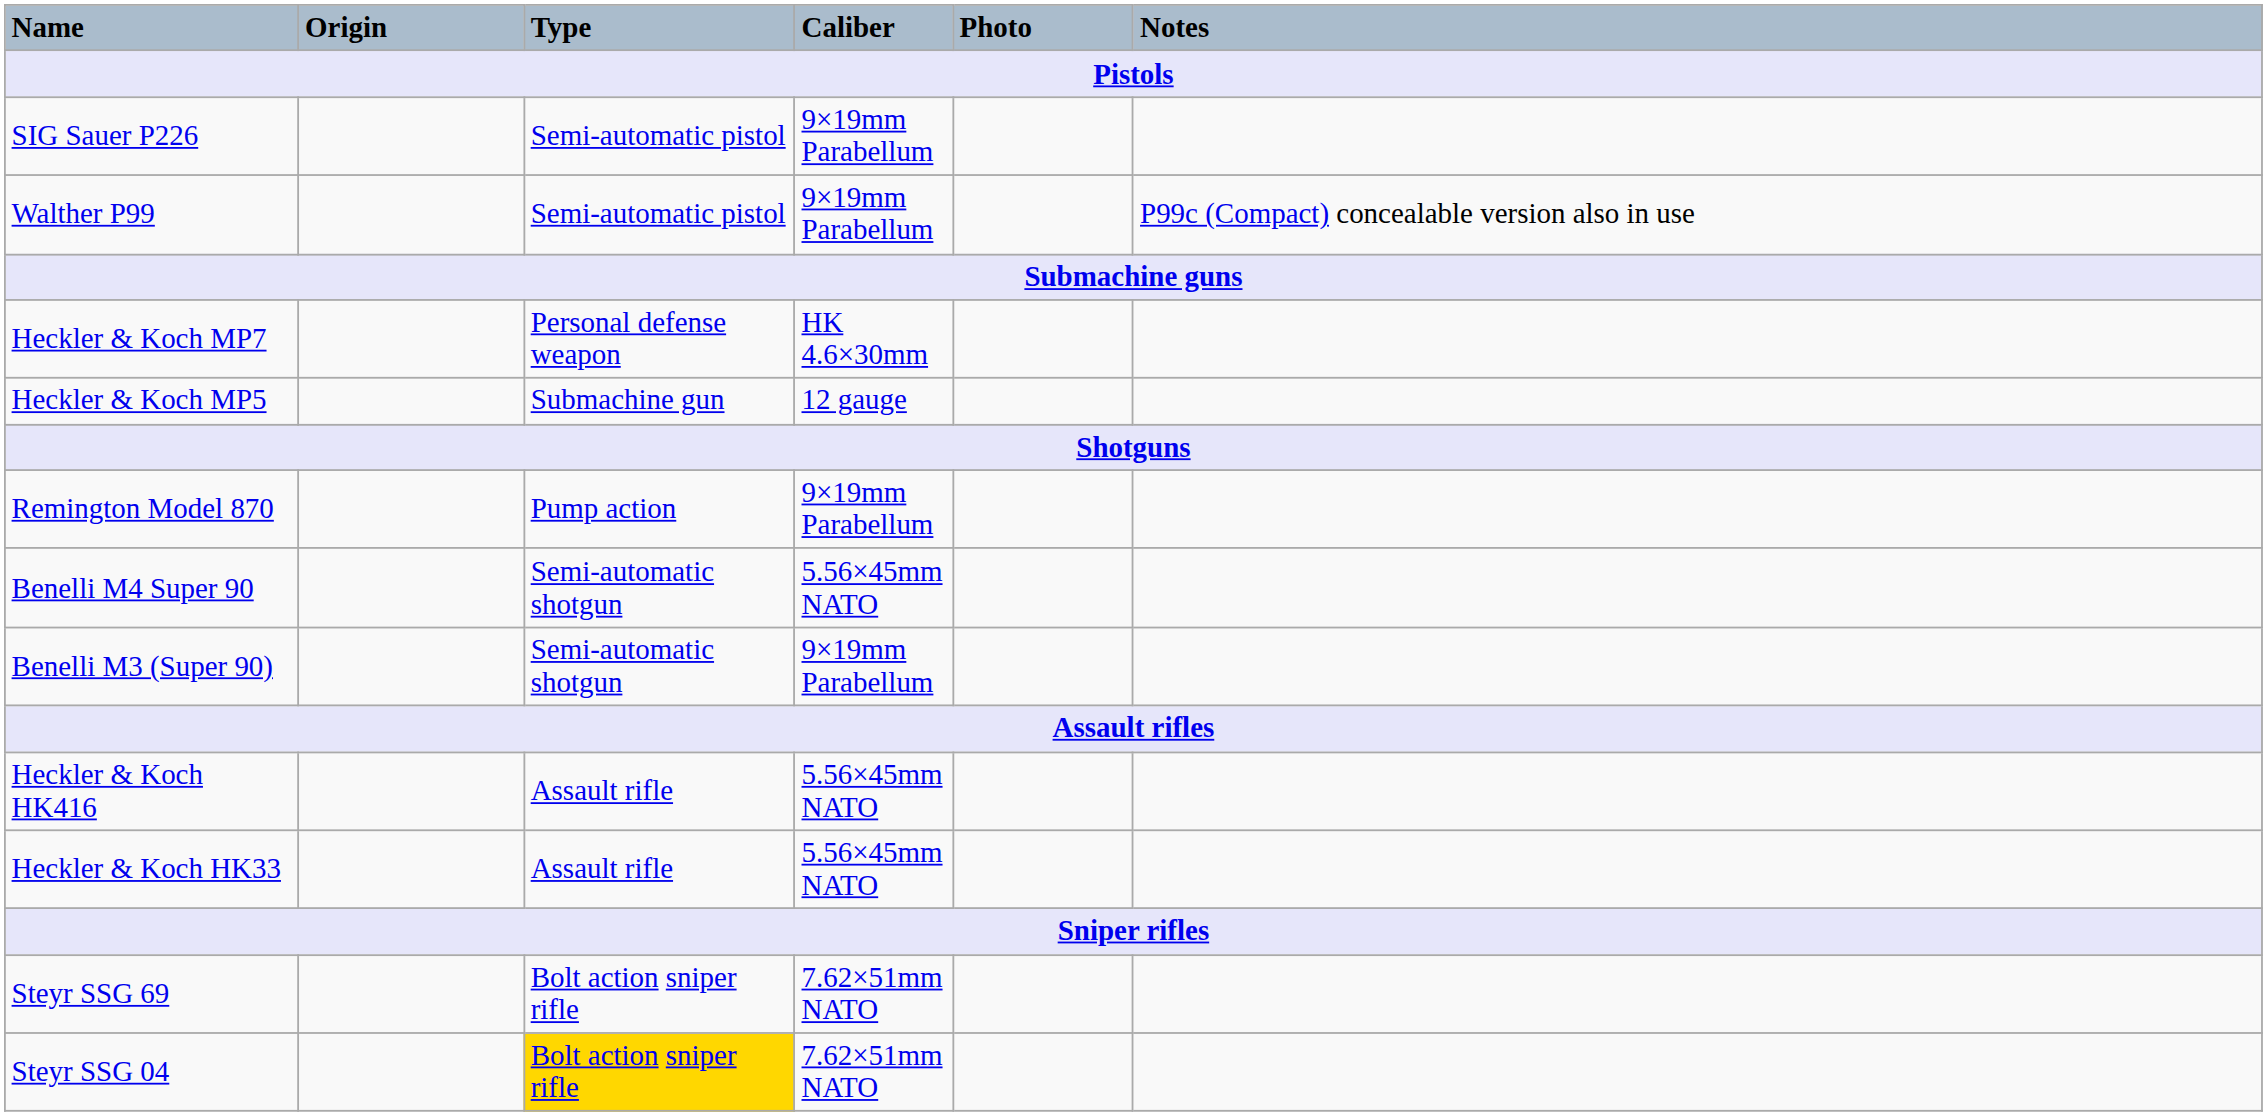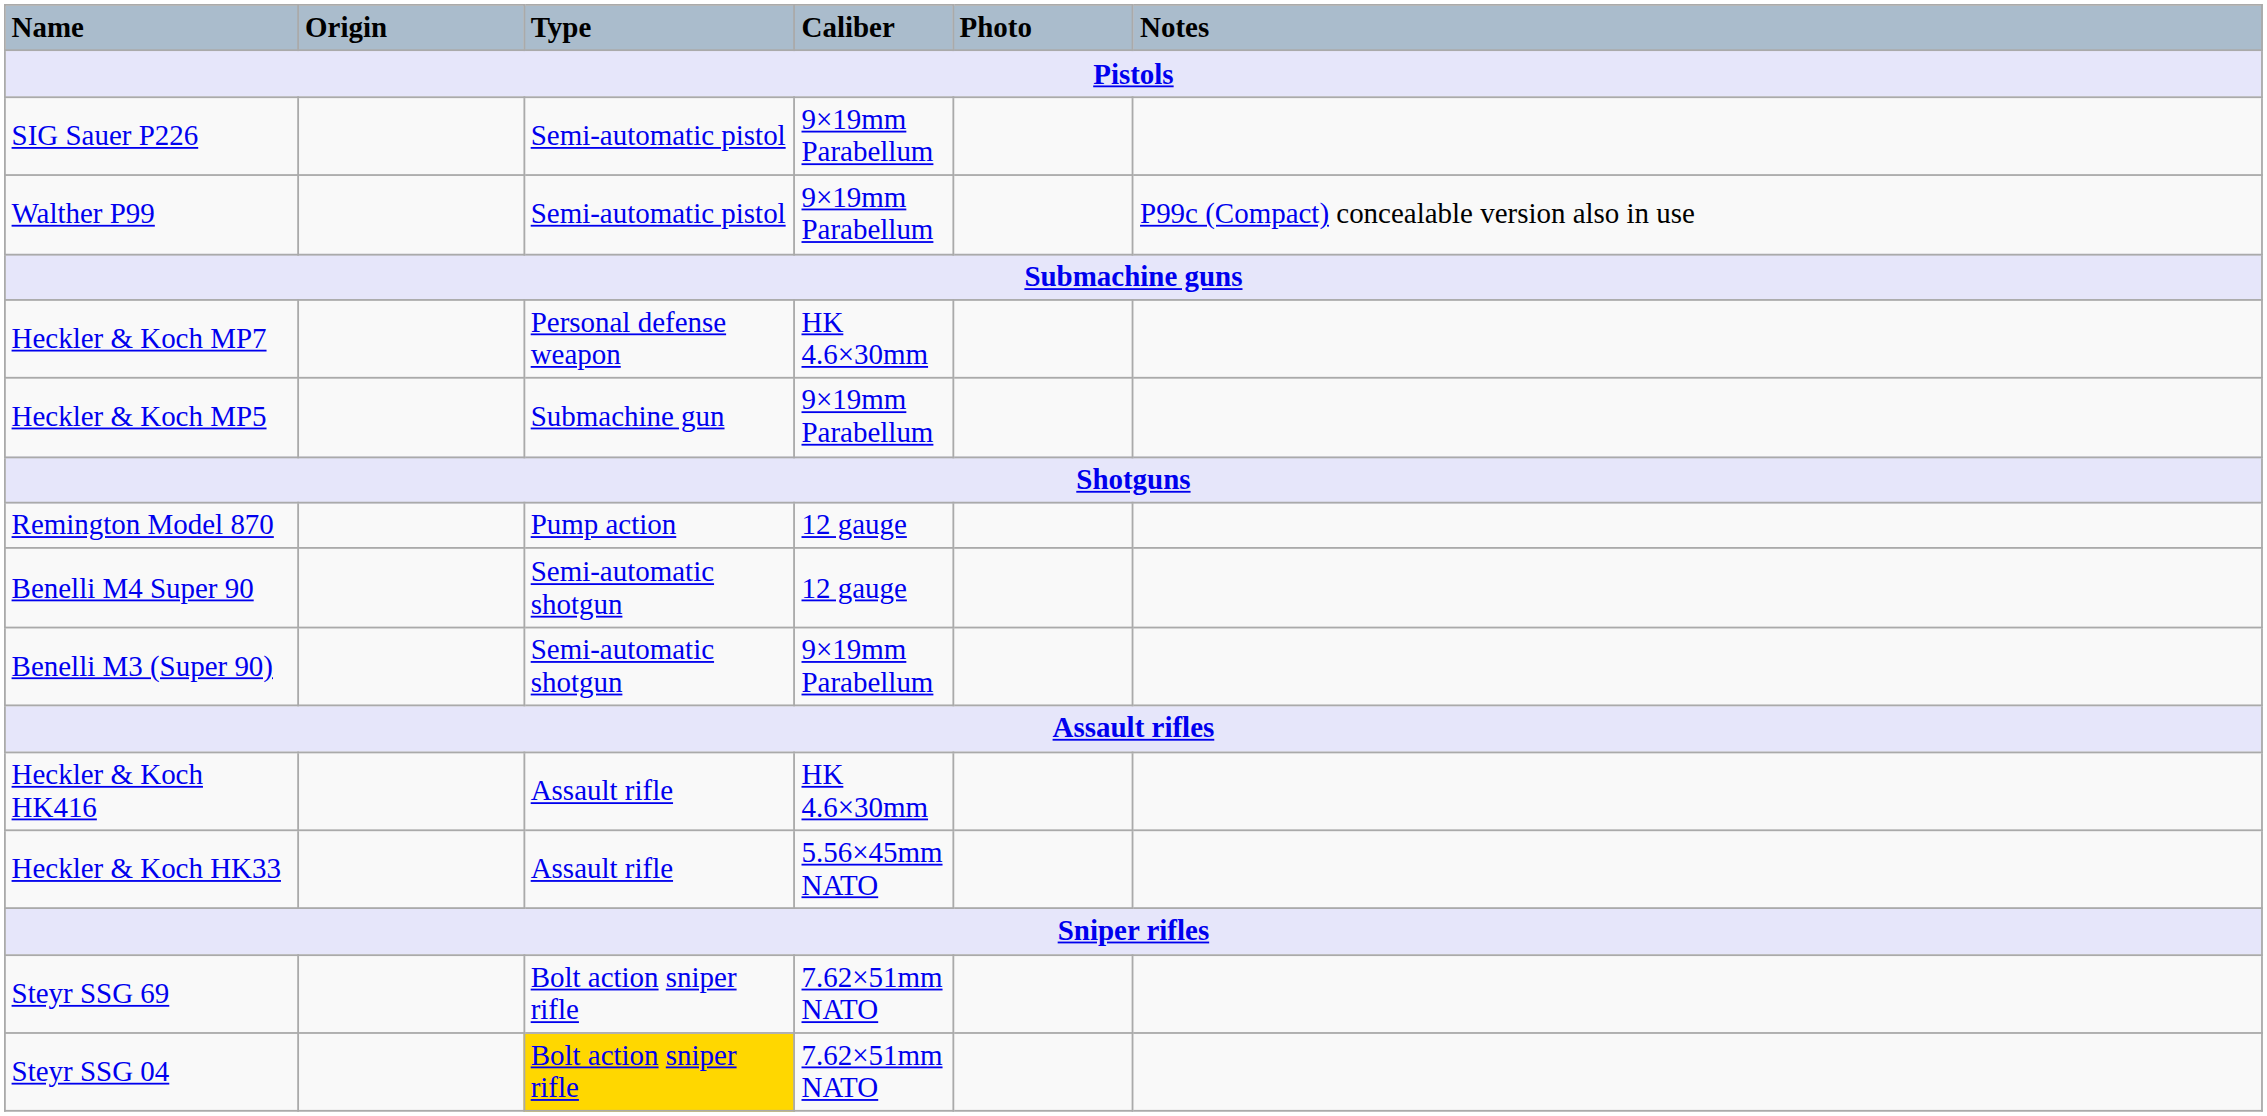 <table class="wikitable">
 <tr>
 <th style="text-align: left; background: #aabccc; width:13%;">Name</th>
 <th style="text-align: left; background: #aabccc; width:10%;">Origin</th>
 <th style="text-align: left; background: #aabccc; width:12%;">Type</th>
 <th style="text-align: left; background: #aabccc; width:7%;">Caliber</th>
 <th style="text-align: left; background: #aabccc;width:8%; ">Photo</th>
 <th style="text-align: left; background: #aabccc;width:50%;">Notes</th>
 </tr>
 <tr>
 <th style="align: center; background: lavender;" colspan="7"><strong><a href='#'>Pistols</a></strong></th>
 </tr>
 <tr>
 <td><a href='#'>SIG Sauer P226</a></td>
 <td><br></td>
 <td><a href='#'>Semi-automatic pistol</a></td>
 <td><a href='#'>9×19mm Parabellum</a></td>
 <td></td>
 <td></td>
 </tr>
 <tr>
 <td><a href='#'>Walther P99</a></td>
 <td></td>
 <td><a href='#'>Semi-automatic pistol</a></td>
 <td><a href='#'>9×19mm Parabellum</a></td>
 <td></td>
 <td><a href='#'>P99c (Compact)</a> concealable version also in use</td>
 </tr>
 <tr>
 <th style="align: center; background: lavender;" colspan="7"><strong><a href='#'>Submachine guns</a></strong></th>
 </tr>
 <tr>
 <td><a href='#'>Heckler & Koch MP7</a></td>
 <td></td>
 <td><a href='#'>Personal defense weapon</a></td>
 <td><a href='#'>HK 4.6×30mm</a></td>
 <td></td>
 <td></td>
 </tr>
 <tr>
 <td><a href='#'>Heckler & Koch MP5</a></td>
 <td></td>
 <td><a href='#'>Submachine gun</a></td>
-<td><a href='#'>12 gauge</a></td>
+<td><a href='#'>9×19mm Parabellum</a></td>
 <td></td>
 <td></td>
 </tr>
 <tr>
 <th style="align: center; background: lavender;" colspan="7"><strong><a href='#'>Shotguns</a></strong></th>
 </tr>
 <tr>
 <td><a href='#'>Remington Model 870</a></td>
 <td></td>
 <td><a href='#'>Pump action</a></td>
-<td><a href='#'>9×19mm Parabellum</a></td>
+<td><a href='#'>12 gauge</a></td>
 <td></td>
 <td></td>
 </tr>
 <tr>
 <td><a href='#'>Benelli M4 Super 90</a></td>
 <td></td>
 <td><a href='#'>Semi-automatic shotgun</a></td>
-<td><a href='#'>5.56×45mm NATO</a></td>
+<td><a href='#'>12 gauge</a></td>
 <td></td>
 <td></td>
 </tr>
 <tr>
 <td><a href='#'>Benelli M3 (Super 90)</a></td>
 <td></td>
 <td><a href='#'>Semi-automatic shotgun</a></td>
 <td><a href='#'>9×19mm Parabellum</a></td>
 <td></td>
 <td></td>
 </tr>
 <tr>
 <th style="align: center; background: lavender;" colspan="7"><strong><a href='#'>Assault rifles</a></strong></th>
 </tr>
 <tr>
 <td><a href='#'>Heckler & Koch HK416</a></td>
 <td></td>
 <td><a href='#'>Assault rifle</a></td>
-<td><a href='#'>5.56×45mm NATO</a></td>
+<td><a href='#'>HK 4.6×30mm</a></td>
 <td></td>
 <td></td>
 </tr>
 <tr>
 <td><a href='#'>Heckler & Koch HK33</a></td>
 <td></td>
 <td><a href='#'>Assault rifle</a></td>
 <td><a href='#'>5.56×45mm NATO</a></td>
 <td></td>
 <td></td>
 </tr>
 <tr>
 <th style="align: center; background: lavender;" colspan="7"><strong><a href='#'>Sniper rifles</a></strong></th>
 </tr>
 <tr>
 <td><a href='#'>Steyr SSG 69</a></td>
 <td></td>
 <td><a href='#'>Bolt action</a> <a href='#'>sniper rifle</a></td>
 <td><a href='#'>7.62×51mm NATO</a></td>
 <td></td>
 <td></td>
 </tr>
 <tr>
 <td><a href='#'>Steyr SSG 04</a></td>
 <td></td>
 <td style="background: gold;"><a href='#'>Bolt action</a> <a href='#'>sniper rifle</a></td>
 <td><a href='#'>7.62×51mm NATO</a></td>
 <td></td>
 <td></td>
 </tr>
 </table>
